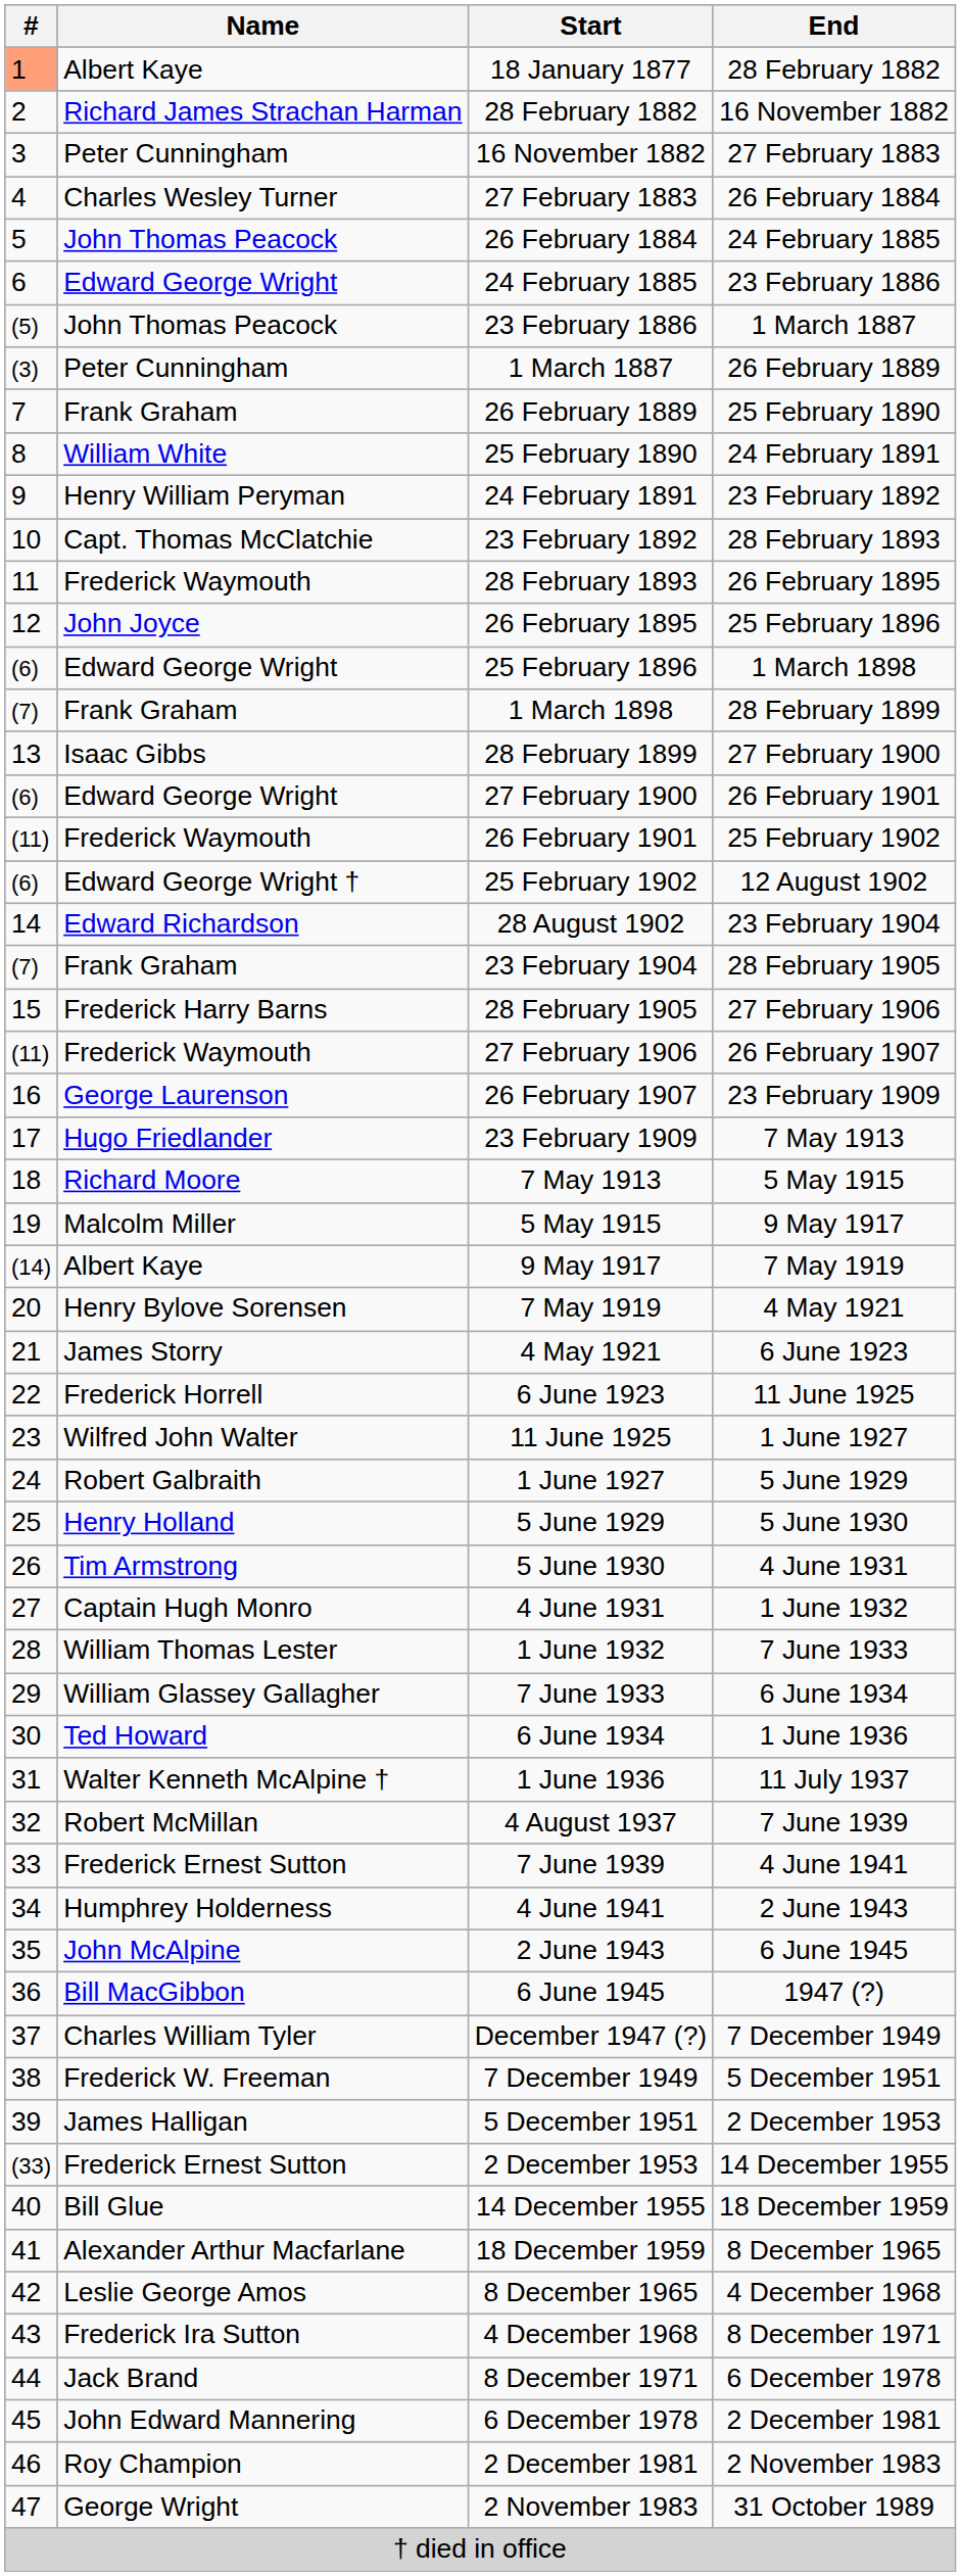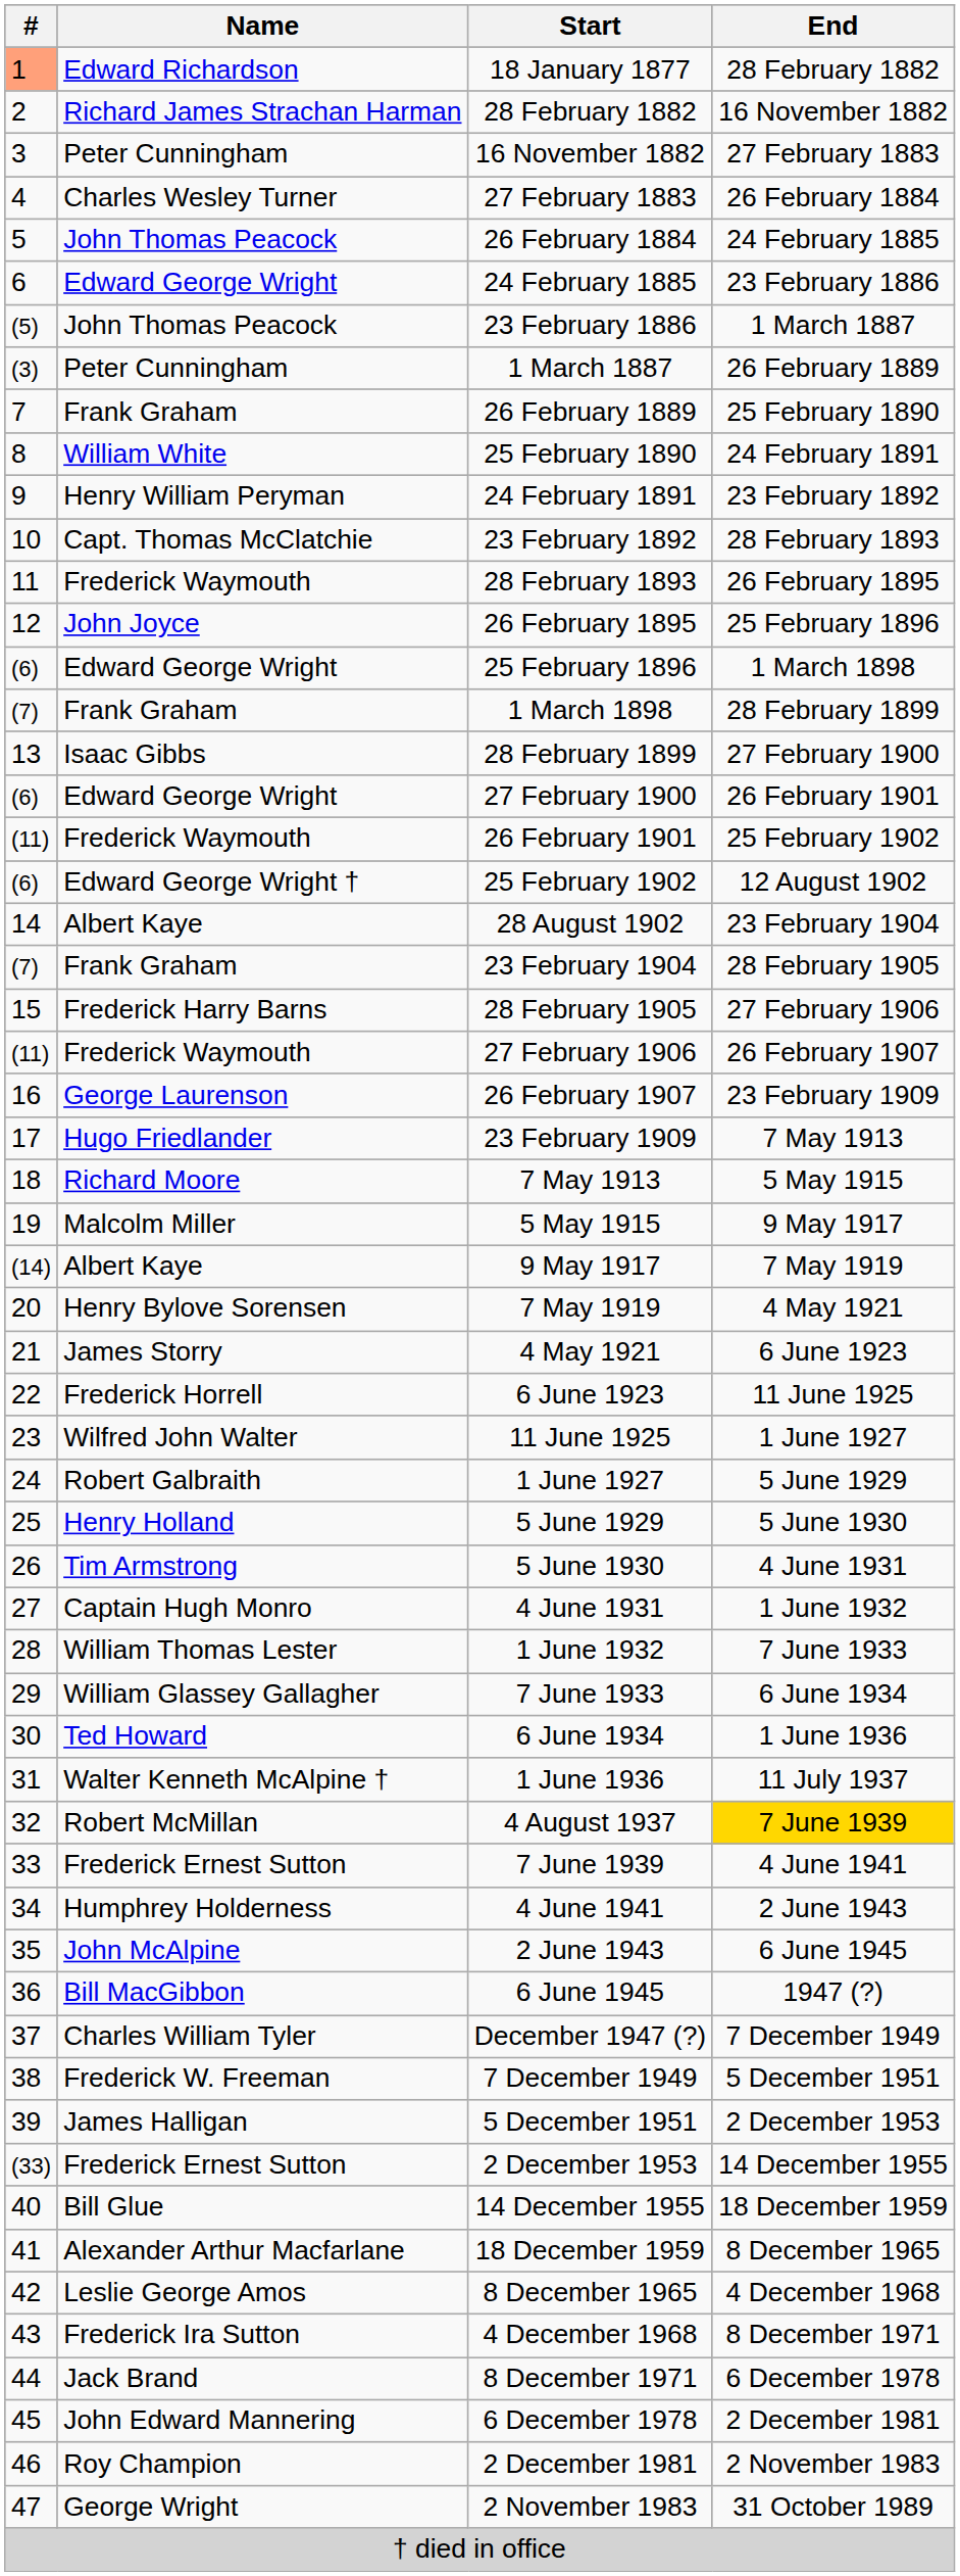 <table class="wikitable">
 <tr>
 <th>#</th>
 <th>Name</th>
 <th>Start</th>
 <th>End</th>
 </tr>
 <tr>
 <td style="background: lightsalmon;">1</td>
-<td>Albert Kaye</td>
+<td><a href='#'>Edward Richardson</a></td>
 <td align=center>18 January 1877</td>
 <td align=center>28 February 1882</td>
 </tr>
 <tr>
 <td>2</td>
 <td><a href='#'>Richard James Strachan Harman</a></td>
 <td align=center>28 February 1882</td>
 <td align=center>16 November 1882</td>
 </tr>
 <tr>
 <td>3</td>
 <td>Peter Cunningham</td>
 <td align=center>16 November 1882</td>
 <td align=center>27 February 1883</td>
 </tr>
 <tr>
 <td>4</td>
 <td>Charles Wesley Turner</td>
 <td align=center>27 February 1883</td>
 <td align=center>26 February 1884</td>
 </tr>
 <tr>
 <td>5</td>
 <td><a href='#'>John Thomas Peacock</a></td>
 <td align=center>26 February 1884</td>
 <td align=center>24 February 1885</td>
 </tr>
 <tr>
 <td>6</td>
 <td><a href='#'>Edward George Wright</a></td>
 <td align=center>24 February 1885</td>
 <td align=center>23 February 1886</td>
 </tr>
 <tr>
 <td><small>(5)</small></td>
 <td>John Thomas Peacock</td>
 <td align=center>23 February 1886</td>
 <td align=center>1 March 1887</td>
 </tr>
 <tr>
 <td><small>(3)</small></td>
 <td>Peter Cunningham</td>
 <td align=center>1 March 1887</td>
 <td align=center>26 February 1889</td>
 </tr>
 <tr>
 <td>7</td>
 <td>Frank Graham</td>
 <td align=center>26 February 1889</td>
 <td align=center>25 February 1890</td>
 </tr>
 <tr>
 <td>8</td>
 <td><a href='#'>William White</a></td>
 <td align=center>25 February 1890</td>
 <td align=center>24 February 1891</td>
 </tr>
 <tr>
 <td>9</td>
 <td>Henry William Peryman</td>
 <td align=center>24 February 1891</td>
 <td align=center>23 February 1892</td>
 </tr>
 <tr>
 <td>10</td>
 <td>Capt. Thomas McClatchie</td>
 <td align=center>23 February 1892</td>
 <td align=center>28 February 1893</td>
 </tr>
 <tr>
 <td>11</td>
 <td>Frederick Waymouth</td>
 <td align=center>28 February 1893</td>
 <td align=center>26 February 1895</td>
 </tr>
 <tr>
 <td>12</td>
 <td><a href='#'>John Joyce</a></td>
 <td align=center>26 February 1895</td>
 <td align=center>25 February 1896</td>
 </tr>
 <tr>
 <td><small>(6)</small></td>
 <td>Edward George Wright</td>
 <td align=center>25 February 1896</td>
 <td align=center>1 March 1898</td>
 </tr>
 <tr>
 <td><small>(7)</small></td>
 <td>Frank Graham</td>
 <td align=center>1 March 1898</td>
 <td align=center>28 February 1899</td>
 </tr>
 <tr>
 <td>13</td>
 <td>Isaac Gibbs</td>
 <td align=center>28 February 1899</td>
 <td align=center>27 February 1900</td>
 </tr>
 <tr>
 <td><small>(6)</small></td>
 <td>Edward George Wright</td>
 <td align=center>27 February 1900</td>
 <td align=center>26 February 1901</td>
 </tr>
 <tr>
 <td><small>(11)</small></td>
 <td>Frederick Waymouth</td>
 <td align=center>26 February 1901</td>
 <td align=center>25 February 1902</td>
 </tr>
 <tr>
 <td><small>(6)</small></td>
 <td>Edward George Wright †</td>
 <td align=center>25 February 1902</td>
 <td align=center>12 August 1902</td>
 </tr>
 <tr>
 <td>14</td>
-<td><a href='#'>Edward Richardson</a></td>
+<td>Albert Kaye</td>
 <td align=center>28 August 1902</td>
 <td align=center>23 February 1904</td>
 </tr>
 <tr>
 <td><small>(7)</small></td>
 <td>Frank Graham</td>
 <td align=center>23 February 1904</td>
 <td align=center>28 February 1905</td>
 </tr>
 <tr>
 <td>15</td>
 <td>Frederick Harry Barns</td>
 <td align=center>28 February 1905</td>
 <td align=center>27 February 1906</td>
 </tr>
 <tr>
 <td><small>(11)</small></td>
 <td>Frederick Waymouth</td>
 <td align=center>27 February 1906</td>
 <td align=center>26 February 1907</td>
 </tr>
 <tr>
 <td>16</td>
 <td><a href='#'>George Laurenson</a></td>
 <td align=center>26 February 1907</td>
 <td align=center>23 February 1909</td>
 </tr>
 <tr>
 <td>17</td>
 <td><a href='#'>Hugo Friedlander</a></td>
 <td align=center>23 February 1909</td>
 <td align=center>7 May 1913</td>
 </tr>
 <tr>
 <td>18</td>
 <td><a href='#'>Richard Moore</a></td>
 <td align=center>7 May 1913</td>
 <td align=center>5 May 1915</td>
 </tr>
 <tr>
 <td>19</td>
 <td>Malcolm Miller</td>
 <td align=center>5 May 1915</td>
 <td align=center>9 May 1917</td>
 </tr>
 <tr>
 <td><small>(14)</small></td>
 <td>Albert Kaye</td>
 <td align=center>9 May 1917</td>
 <td align=center>7 May 1919</td>
 </tr>
 <tr>
 <td>20</td>
 <td>Henry Bylove Sorensen</td>
 <td align=center>7 May 1919</td>
 <td align=center>4 May 1921</td>
 </tr>
 <tr>
 <td>21</td>
 <td>James Storry</td>
 <td align=center>4 May 1921</td>
 <td align=center>6 June 1923</td>
 </tr>
 <tr>
 <td>22</td>
 <td>Frederick Horrell</td>
 <td align=center>6 June 1923</td>
 <td align=center>11 June 1925</td>
 </tr>
 <tr>
 <td>23</td>
 <td>Wilfred John Walter</td>
 <td align=center>11 June 1925</td>
 <td align=center>1 June 1927</td>
 </tr>
 <tr>
 <td>24</td>
 <td>Robert Galbraith</td>
 <td align=center>1 June 1927</td>
 <td align=center>5 June 1929</td>
 </tr>
 <tr>
 <td>25</td>
 <td><a href='#'>Henry Holland</a></td>
 <td align=center>5 June 1929</td>
 <td align=center>5 June 1930</td>
 </tr>
 <tr>
 <td>26</td>
 <td><a href='#'>Tim Armstrong</a></td>
 <td align=center>5 June 1930</td>
 <td align=center>4 June 1931</td>
 </tr>
 <tr>
 <td>27</td>
 <td>Captain Hugh Monro</td>
 <td align=center>4 June 1931</td>
 <td align=center>1 June 1932</td>
 </tr>
 <tr>
 <td>28</td>
 <td>William Thomas Lester</td>
 <td align=center>1 June 1932</td>
 <td align=center>7 June 1933</td>
 </tr>
 <tr>
 <td>29</td>
 <td>William Glassey Gallagher</td>
 <td align=center>7 June 1933</td>
 <td align=center>6 June 1934</td>
 </tr>
 <tr>
 <td>30</td>
 <td><a href='#'>Ted Howard</a></td>
 <td align=center>6 June 1934</td>
 <td align=center>1 June 1936</td>
 </tr>
 <tr>
 <td>31</td>
 <td>Walter Kenneth McAlpine †</td>
 <td align=center>1 June 1936</td>
 <td align=center>11 July 1937</td>
 </tr>
 <tr>
 <td>32</td>
 <td>Robert McMillan</td>
 <td align=center>4 August 1937</td>
-<td align=center>7 June 1939</td>
+<td align=center style="background: gold;">7 June 1939</td>
 </tr>
 <tr>
 <td>33</td>
 <td>Frederick Ernest Sutton</td>
 <td align=center>7 June 1939</td>
 <td align=center>4 June 1941</td>
 </tr>
 <tr>
 <td>34</td>
 <td>Humphrey Holderness</td>
 <td align=center>4 June 1941</td>
 <td align=center>2 June 1943</td>
 </tr>
 <tr>
 <td>35</td>
 <td><a href='#'>John McAlpine</a></td>
 <td align=center>2 June 1943</td>
 <td align=center>6 June 1945</td>
 </tr>
 <tr>
 <td>36</td>
 <td><a href='#'>Bill MacGibbon</a></td>
 <td align=center>6 June 1945</td>
 <td align=center>1947 (?)</td>
 </tr>
 <tr>
 <td>37</td>
 <td>Charles William Tyler</td>
 <td align=center>December 1947 (?)</td>
 <td align=center>7 December 1949</td>
 </tr>
 <tr>
 <td>38</td>
 <td>Frederick W. Freeman</td>
 <td align=center>7 December 1949</td>
 <td align=center>5 December 1951</td>
 </tr>
 <tr>
 <td>39</td>
 <td>James Halligan</td>
 <td align=center>5 December 1951</td>
 <td align=center>2 December 1953</td>
 </tr>
 <tr>
 <td><small>(33)</small></td>
 <td>Frederick Ernest Sutton</td>
 <td align=center>2 December 1953</td>
 <td align=center>14 December 1955</td>
 </tr>
 <tr>
 <td>40</td>
 <td>Bill Glue</td>
 <td align=center>14 December 1955</td>
 <td align=center>18 December 1959</td>
 </tr>
 <tr>
 <td>41</td>
 <td>Alexander Arthur Macfarlane</td>
 <td align=center>18 December 1959</td>
 <td align=center>8 December 1965</td>
 </tr>
 <tr>
 <td>42</td>
 <td>Leslie George Amos</td>
 <td align=center>8 December 1965</td>
 <td align=center>4 December 1968</td>
 </tr>
 <tr>
 <td>43</td>
 <td>Frederick Ira Sutton</td>
 <td align=center>4 December 1968</td>
 <td align=center>8 December 1971</td>
 </tr>
 <tr>
 <td>44</td>
 <td>Jack Brand</td>
 <td align=center>8 December 1971</td>
 <td align=center>6 December 1978</td>
 </tr>
 <tr>
 <td>45</td>
 <td>John Edward Mannering</td>
 <td align=center>6 December 1978</td>
 <td align=center>2 December 1981</td>
 </tr>
 <tr>
 <td>46</td>
 <td>Roy Champion</td>
 <td align=center>2 December 1981</td>
 <td align=center>2 November 1983</td>
 </tr>
 <tr>
 <td>47</td>
 <td>George Wright</td>
 <td align=center>2 November 1983</td>
 <td align=center>31 October 1989</td>
 </tr>
 <tr>
 <td colspan=4 style="text-align: center; background: lightgrey">† <span>died in office</span></td>
 </tr>
 </table>
